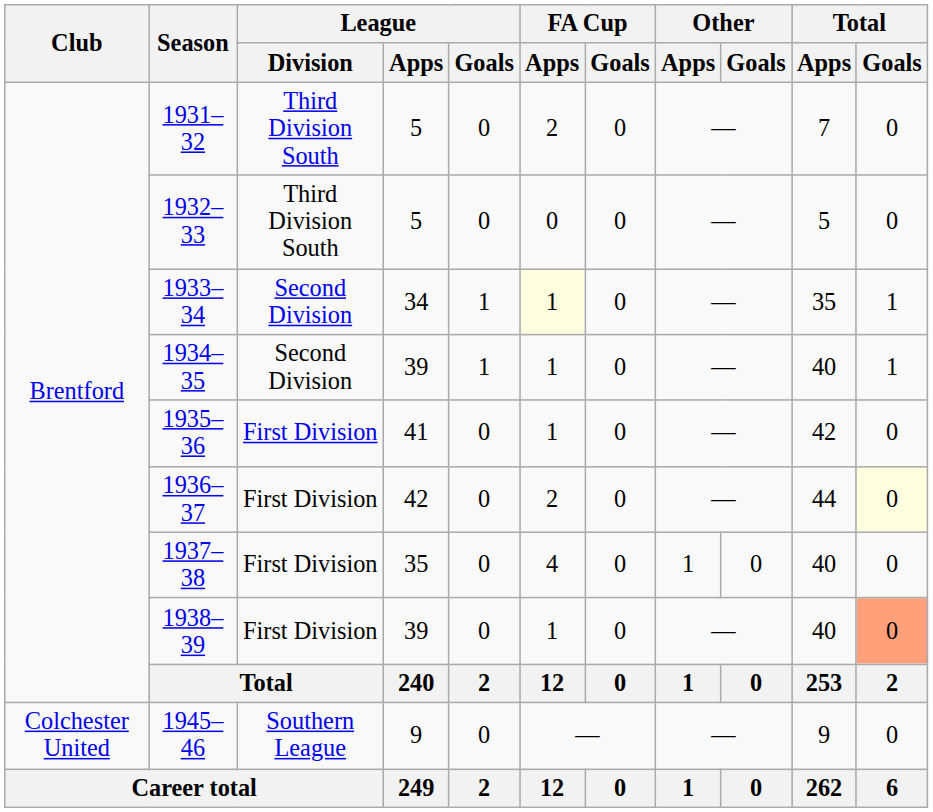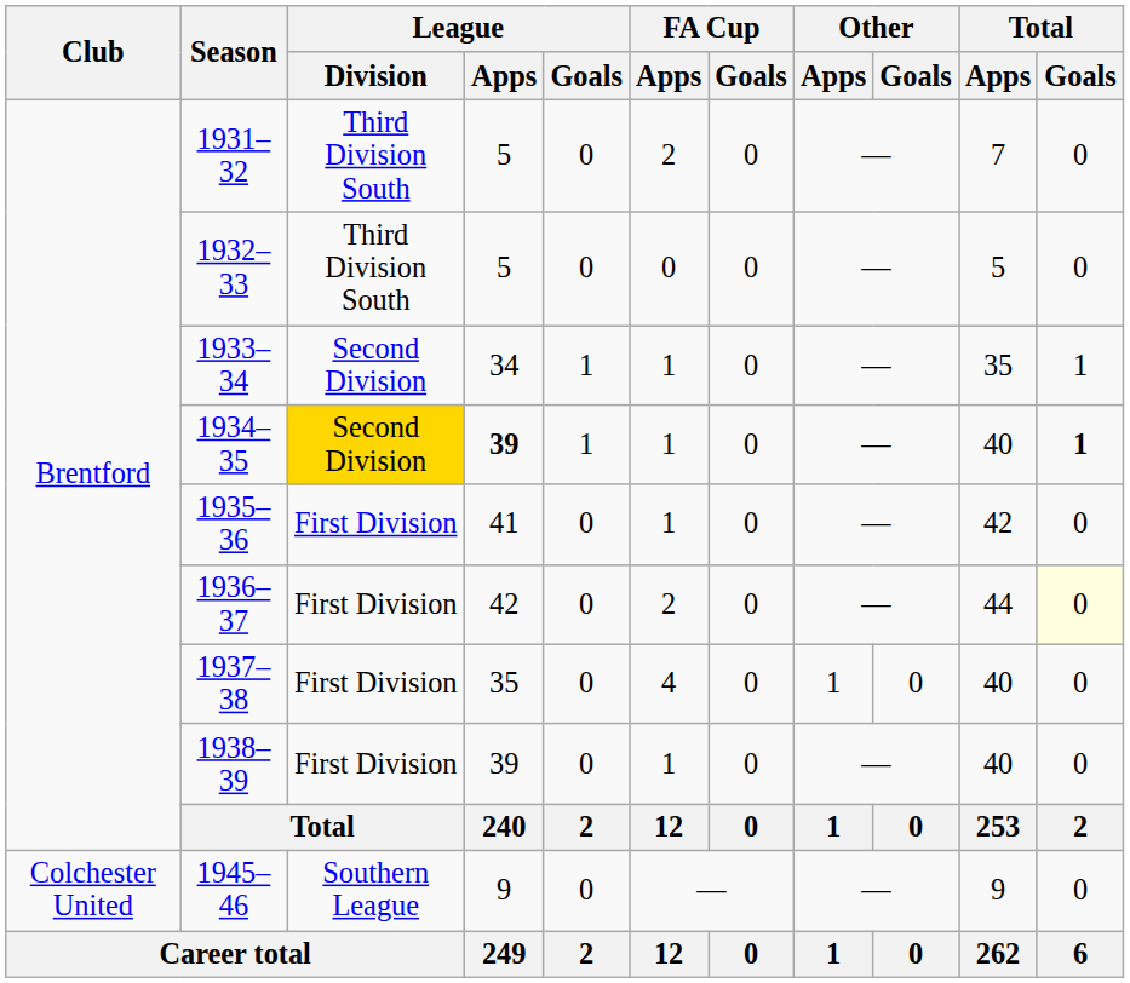 <table class="wikitable" style="text-align: center;">
 <tr>
 <th rowspan="2">Club</th>
 <th rowspan="2">Season</th>
 <th colspan="3">League</th>
 <th colspan="2">FA Cup</th>
 <th colspan="2">Other</th>
 <th colspan="2">Total</th>
 </tr>
 <tr>
 <th>Division</th>
 <th>Apps</th>
 <th>Goals</th>
 <th>Apps</th>
 <th>Goals</th>
 <th>Apps</th>
 <th>Goals</th>
 <th>Apps</th>
 <th>Goals</th>
 </tr>
 <tr>
 <td rowspan="9"><a href='#'>Brentford</a></td>
 <td><a href='#'>1931–32</a></td>
 <td><a href='#'>Third Division South</a></td>
 <td>5</td>
 <td>0</td>
 <td>2</td>
 <td>0</td>
 <td colspan="2">—</td>
 <td>7</td>
 <td>0</td>
 </tr>
 <tr>
 <td><a href='#'>1932–33</a></td>
 <td>Third Division South</td>
 <td>5</td>
 <td>0</td>
 <td>0</td>
 <td>0</td>
 <td colspan="2">—</td>
 <td>5</td>
 <td>0</td>
 </tr>
 <tr>
 <td><a href='#'>1933–34</a></td>
 <td><a href='#'>Second Division</a></td>
 <td>34</td>
 <td>1</td>
-<td style="background: lightyellow;">1</td>
+<td>1</td>
 <td>0</td>
 <td colspan="2">—</td>
 <td>35</td>
 <td>1</td>
 </tr>
 <tr>
 <td><a href='#'>1934–35</a></td>
-<td>Second Division</td>
-<td>39</td>
+<td style="background: gold;">Second Division</td>
+<td><strong>39</strong></td>
 <td>1</td>
 <td>1</td>
 <td>0</td>
 <td colspan="2">—</td>
 <td>40</td>
-<td>1</td>
+<td><strong>1</strong></td>
 </tr>
 <tr>
 <td><a href='#'>1935–36</a></td>
 <td><a href='#'>First Division</a></td>
 <td>41</td>
 <td>0</td>
 <td>1</td>
 <td>0</td>
 <td colspan="2">—</td>
 <td>42</td>
 <td>0</td>
 </tr>
 <tr>
 <td><a href='#'>1936–37</a></td>
 <td>First Division</td>
 <td>42</td>
 <td>0</td>
 <td>2</td>
 <td>0</td>
 <td colspan="2">—</td>
 <td>44</td>
 <td style="background: lightyellow;">0</td>
 </tr>
 <tr>
 <td><a href='#'>1937–38</a></td>
 <td>First Division</td>
 <td>35</td>
 <td>0</td>
 <td>4</td>
 <td>0</td>
 <td>1</td>
 <td>0</td>
 <td>40</td>
 <td>0</td>
 </tr>
 <tr>
 <td><a href='#'>1938–39</a></td>
 <td>First Division</td>
 <td>39</td>
 <td>0</td>
 <td>1</td>
 <td>0</td>
 <td colspan="2">—</td>
 <td>40</td>
-<td style="background: lightsalmon;">0</td>
+<td>0</td>
 </tr>
 <tr>
 <th colspan="2">Total</th>
 <th>240</th>
 <th>2</th>
 <th>12</th>
 <th>0</th>
 <th>1</th>
 <th>0</th>
 <th>253</th>
 <th>2</th>
 </tr>
 <tr>
 <td><a href='#'>Colchester United</a></td>
 <td><a href='#'>1945–46</a></td>
 <td><a href='#'>Southern League</a></td>
 <td>9</td>
 <td>0</td>
 <td colspan="2">—</td>
 <td colspan="2">—</td>
 <td>9</td>
 <td>0</td>
 </tr>
 <tr>
 <th colspan="3">Career total</th>
 <th>249</th>
 <th>2</th>
 <th>12</th>
 <th>0</th>
 <th>1</th>
 <th>0</th>
 <th>262</th>
 <th>6</th>
 </tr>
 </table>
